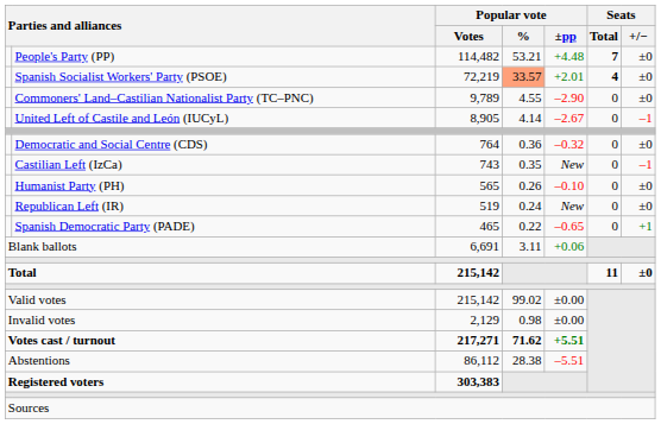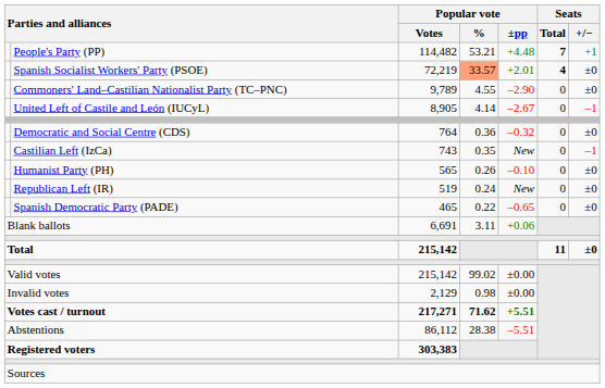 <table class="wikitable" style="text-align:right;">
 <tr>
 <th style="text-align:left;" rowspan="2" colspan="2" width="525">Parties and alliances</th>
 <th colspan="3">Popular vote</th>
 <th colspan="2">Seats</th>
 </tr>
 <tr>
 <th width="75">Votes</th>
 <th width="45">%</th>
 <th width="45">±<a href='#'>pp</a></th>
 <th width="35">Total</th>
 <th width="35">+/−</th>
 </tr>
 <tr>
 <td width="1" style="color:inherit;background:"></td>
 <td align="left"><a href='#'>People's Party</a> (PP)</td>
 <td>114,482</td>
 <td>53.21</td>
 <td style="color:green;">+4.48</td>
 <td><strong>7</strong></td>
-<td>±0</td>
+<td style="color:green;">+1</td>
 </tr>
 <tr>
 <td style="color:inherit;background:"></td>
 <td align="left"><a href='#'>Spanish Socialist Workers' Party</a> (PSOE)</td>
 <td>72,219</td>
 <td style="background: lightsalmon;">33.57</td>
 <td style="color:green;">+2.01</td>
 <td><strong>4</strong></td>
 <td>±0</td>
 </tr>
 <tr>
 <td style="color:inherit;background:"></td>
 <td align="left"><a href='#'>Commoners' Land–Castilian Nationalist Party</a> (TC–PNC)</td>
 <td>9,789</td>
 <td>4.55</td>
 <td style="color:red;">–2.90</td>
 <td>0</td>
 <td>±0</td>
 </tr>
 <tr>
 <td style="color:inherit;background:"></td>
 <td align="left"><a href='#'>United Left of Castile and León</a> (IUCyL)</td>
 <td>8,905</td>
 <td>4.14</td>
 <td style="color:red;">–2.67</td>
 <td>0</td>
 <td style="color:red;">–1</td>
 </tr>
 <tr>
 <td colspan="7" bgcolor="#C0C0C0"></td>
 </tr>
 <tr>
 <td style="color:inherit;background:"></td>
 <td align="left"><a href='#'>Democratic and Social Centre</a> (CDS)</td>
 <td>764</td>
 <td>0.36</td>
 <td style="color:red;">–0.32</td>
 <td>0</td>
 <td>±0</td>
 </tr>
 <tr>
 <td style="color:inherit;background:"></td>
 <td align="left"><a href='#'>Castilian Left</a> (IzCa)</td>
 <td>743</td>
 <td>0.35</td>
 <td><em>New</em></td>
 <td>0</td>
 <td style="color:red;">–1</td>
 </tr>
 <tr>
 <td style="color:inherit;background:"></td>
 <td align="left"><a href='#'>Humanist Party</a> (PH)</td>
 <td>565</td>
 <td>0.26</td>
 <td style="color:red;">–0.10</td>
 <td>0</td>
 <td>±0</td>
 </tr>
 <tr>
 <td style="color:inherit;background:"></td>
 <td align="left"><a href='#'>Republican Left</a> (IR)</td>
 <td>519</td>
 <td>0.24</td>
 <td><em>New</em></td>
 <td>0</td>
 <td>±0</td>
 </tr>
 <tr>
 <td style="color:inherit;background:"></td>
 <td align="left"><a href='#'>Spanish Democratic Party</a> (PADE)</td>
 <td>465</td>
 <td>0.22</td>
 <td style="color:red;">–0.65</td>
 <td>0</td>
-<td style="color:green;">+1</td>
+<td>±0</td>
 </tr>
 <tr>
 <td align="left" colspan="2">Blank ballots</td>
 <td>6,691</td>
 <td>3.11</td>
 <td style="color:green;">+0.06</td>
 <td bgcolor="#E9E9E9" colspan="2"></td>
 </tr>
 <tr>
 <td colspan="7" bgcolor="#E9E9E9"></td>
 </tr>
 <tr style="font-weight:bold;">
 <td align="left" colspan="2">Total</td>
 <td>215,142</td>
 <td bgcolor="#E9E9E9" colspan="2"></td>
 <td>11</td>
 <td>±0</td>
 </tr>
 <tr>
 <td colspan="7" bgcolor="#E9E9E9"></td>
 </tr>
 <tr>
 <td align="left" colspan="2">Valid votes</td>
 <td>215,142</td>
 <td>99.02</td>
 <td>±0.00</td>
 <td bgcolor="#E9E9E9" colspan="2" rowspan="5"></td>
 </tr>
 <tr>
 <td align="left" colspan="2">Invalid votes</td>
 <td>2,129</td>
 <td>0.98</td>
 <td>±0.00</td>
 </tr>
 <tr style="font-weight:bold;">
 <td align="left" colspan="2">Votes cast / turnout</td>
 <td>217,271</td>
 <td>71.62</td>
 <td style="color:green;">+5.51</td>
 </tr>
 <tr>
 <td align="left" colspan="2">Abstentions</td>
 <td>86,112</td>
 <td>28.38</td>
 <td style="color:red;">–5.51</td>
 </tr>
 <tr style="font-weight:bold;">
 <td align="left" colspan="2">Registered voters</td>
 <td>303,383</td>
 <td bgcolor="#E9E9E9" colspan="2"></td>
 </tr>
 <tr>
 <td colspan="7" bgcolor="#E9E9E9"></td>
 </tr>
 <tr>
 <td align="left" colspan="7">Sources</td>
 </tr>
 </table>
